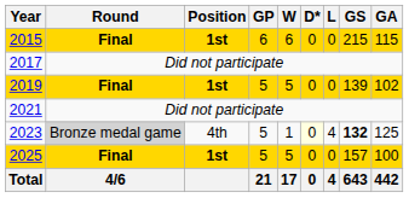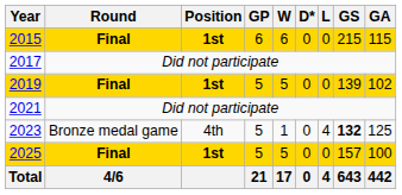 <table class="wikitable" style="text-align: center;">
 <tr>
 <th>Year</th>
 <th>Round</th>
 <th>Position</th>
 <th>GP</th>
 <th>W</th>
 <th>D*</th>
 <th>L</th>
 <th>GS</th>
 <th>GA</th>
 </tr>
 <tr style="background:gold;">
 <td> <a href='#'>2015</a></td>
 <td><strong>Final</strong></td>
 <td><strong>1st</strong></td>
 <td>6</td>
 <td>6</td>
 <td>0</td>
 <td>0</td>
 <td>215</td>
 <td>115</td>
 </tr>
 <tr>
 <td> <a href='#'>2017</a></td>
 <td colspan=8><em>Did not participate</em></td>
 </tr>
 <tr style="background:gold;">
 <td> <a href='#'>2019</a></td>
 <td><strong>Final</strong></td>
 <td><strong>1st</strong></td>
 <td>5</td>
 <td>5</td>
 <td>0</td>
 <td>0</td>
 <td>139</td>
 <td>102</td>
 </tr>
 <tr>
 <td> <a href='#'>2021</a></td>
 <td colspan=8><em>Did not participate</em></td>
 </tr>
 <tr>
 <td> <a href='#'>2023</a></td>
-<td style="background: lightgrey;">Bronze medal game</td>
+<td>Bronze medal game</td>
 <td>4th</td>
 <td>5</td>
 <td>1</td>
-<td style="background: lightyellow;">0</td>
+<td>0</td>
 <td>4</td>
 <td><strong>132</strong></td>
 <td>125</td>
 </tr>
 <tr style="background:gold;">
 <td> <a href='#'>2025</a></td>
 <td><strong>Final</strong></td>
 <td><strong>1st</strong></td>
 <td>5</td>
 <td>5</td>
 <td>0</td>
 <td>0</td>
 <td>157</td>
 <td>100</td>
 </tr>
 <tr>
 <th>Total</th>
 <th>4/6</th>
 <th></th>
 <th>21</th>
 <th>17</th>
 <th>0</th>
 <th>4</th>
 <th>643</th>
 <th>442</th>
 </tr>
 </table>
